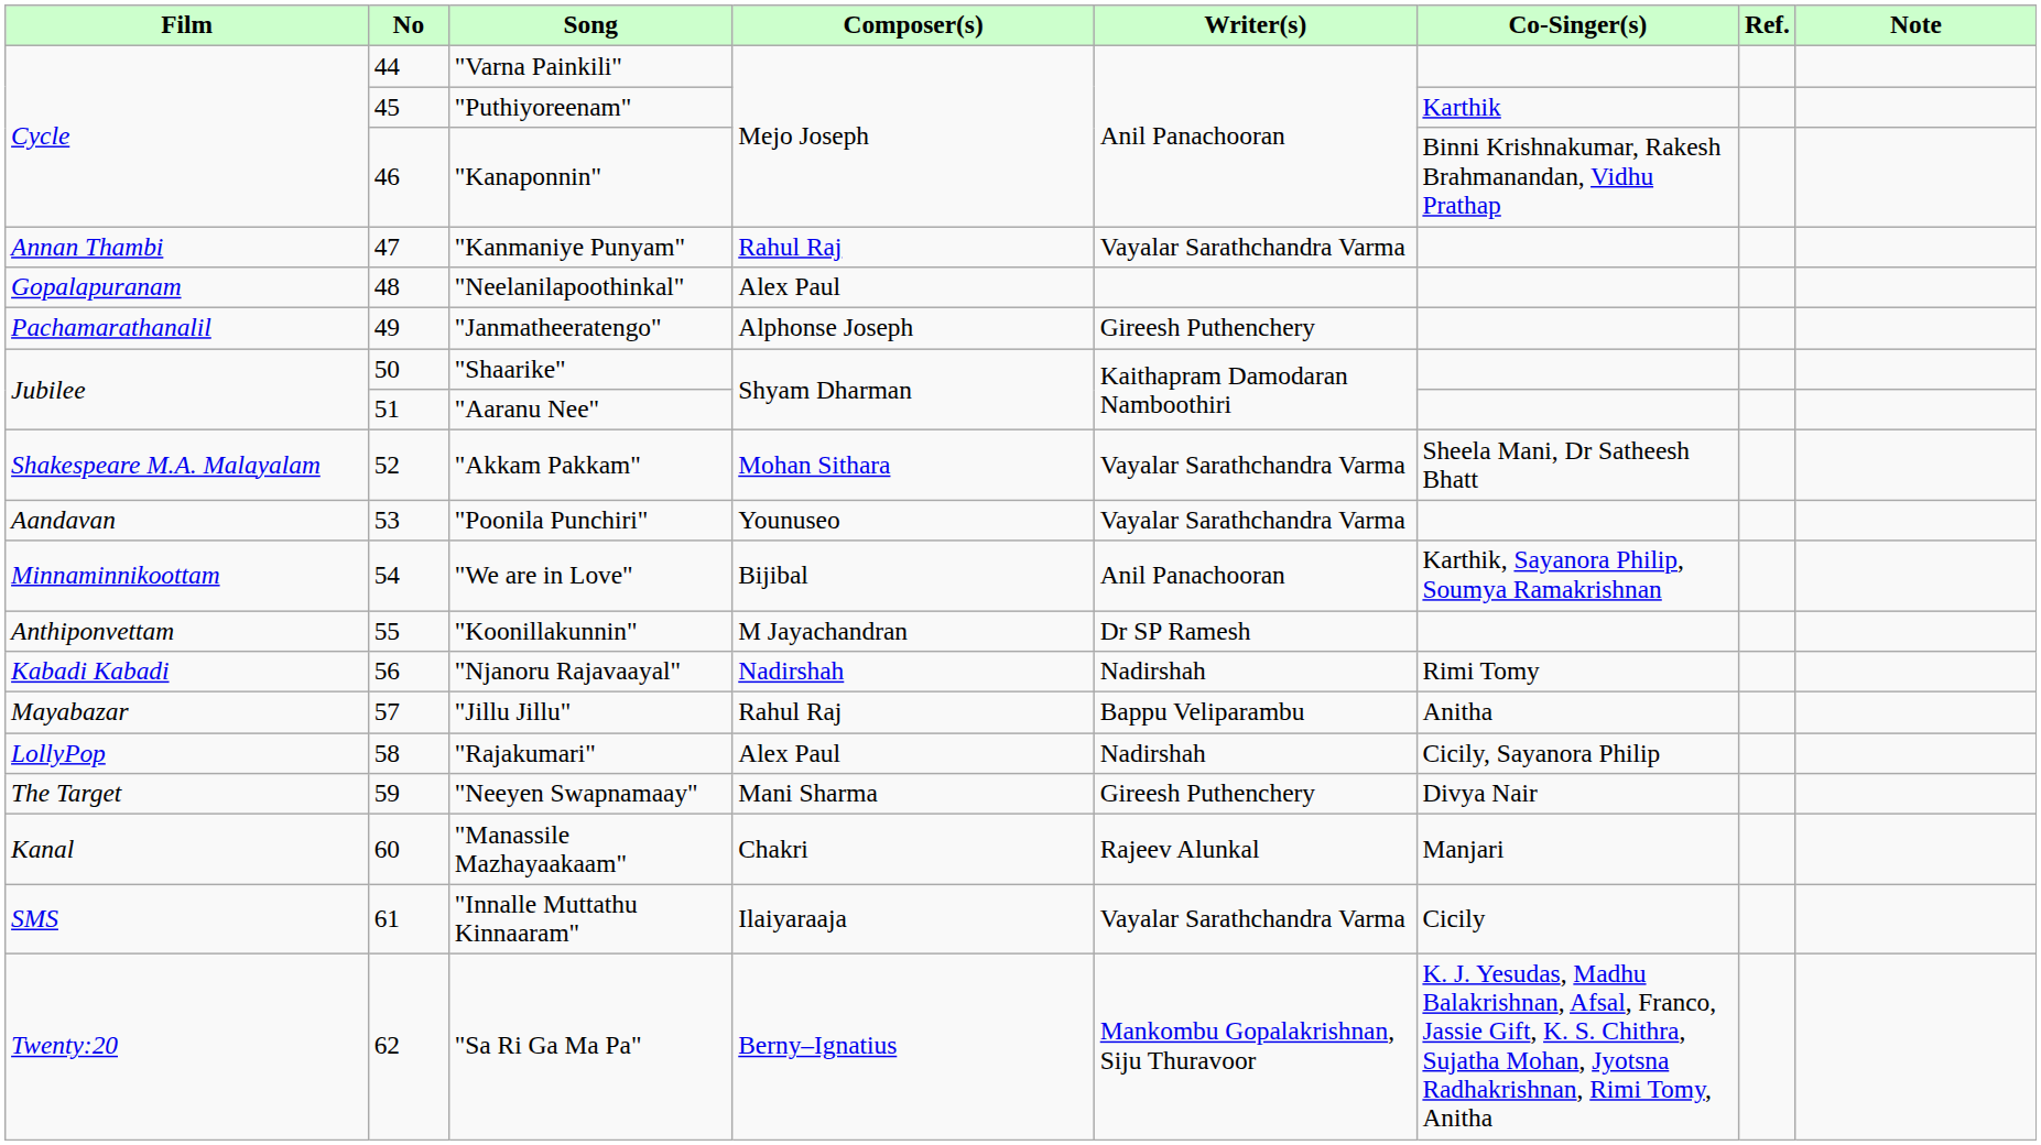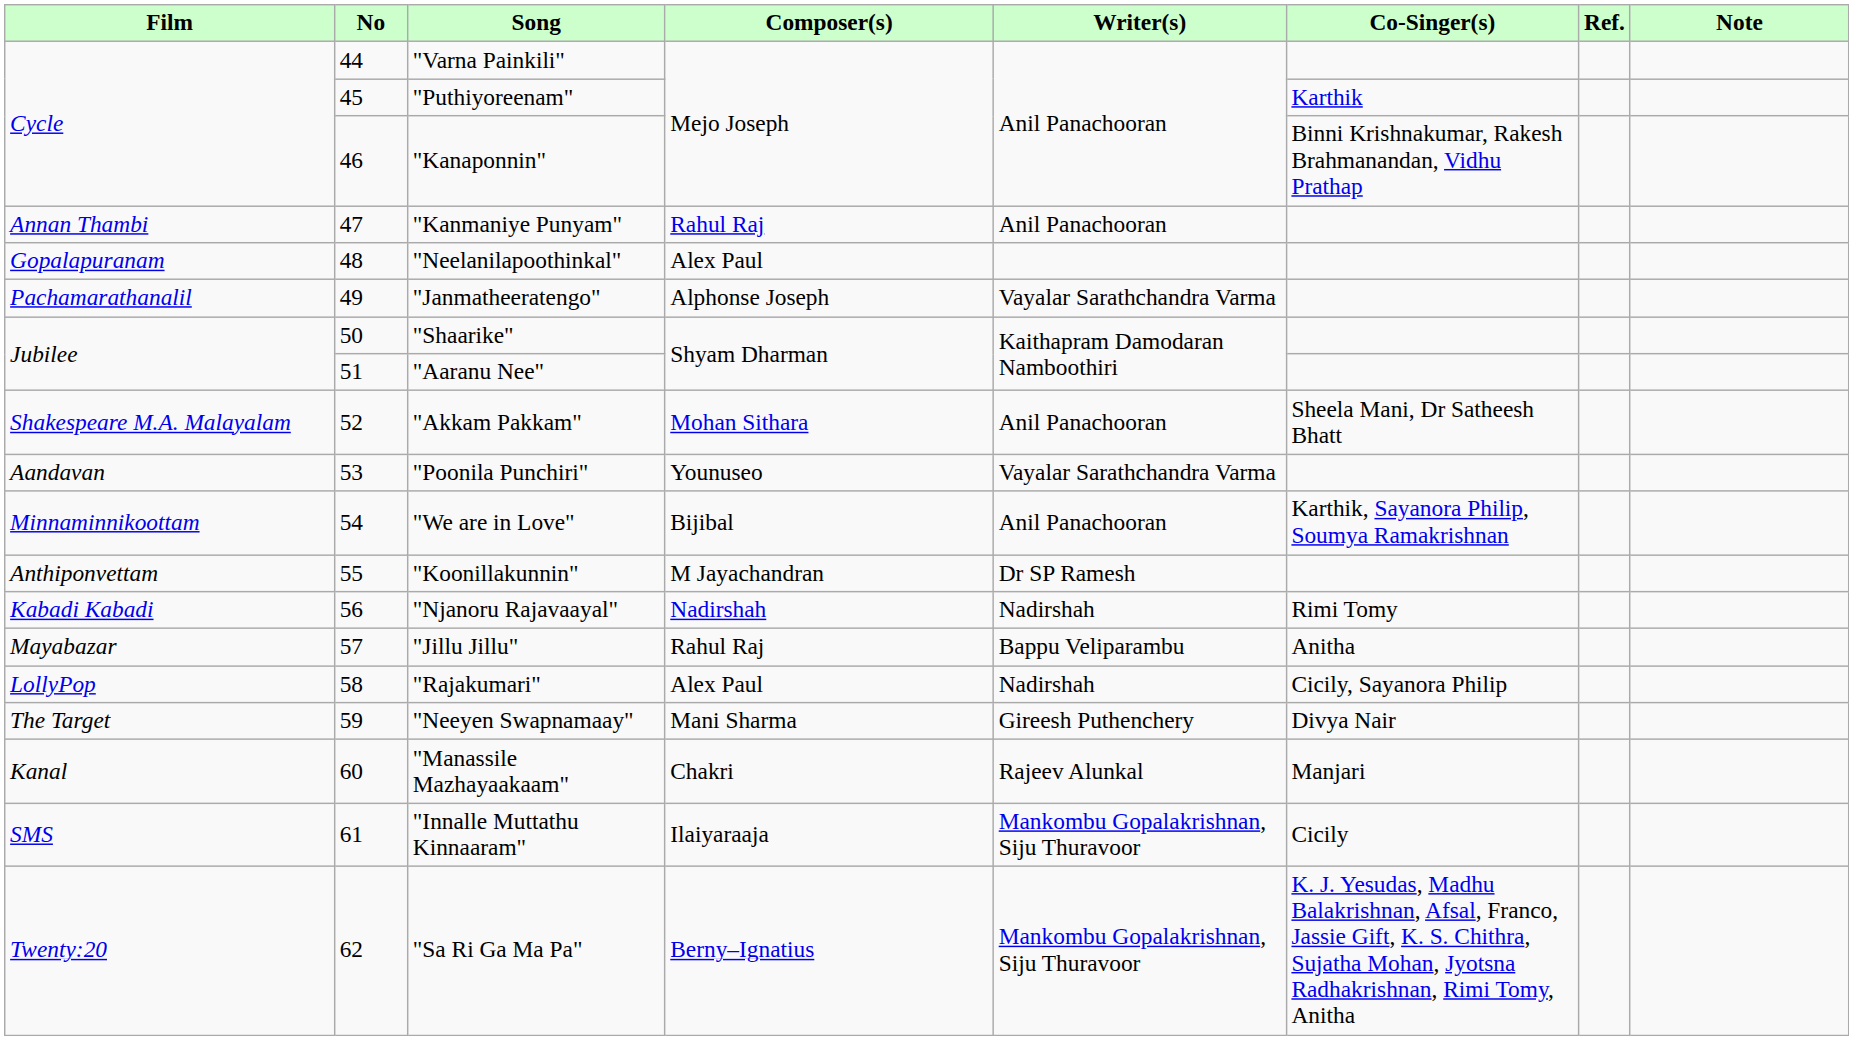 <table class="wikitable plainrowheaders" style="width:100%;" textcolor:#000;" style="align:center;">
 <tr style="background:#cfc; text-align:center;">
 <td scope="col" style="width:18%;"><strong>Film</strong></td>
 <td scope="col" style="width:4%;"><strong>No</strong></td>
 <td scope="col" style="width:14%;"><strong>Song</strong></td>
 <td scope="col" style="width:18%;"><strong>Composer(s)</strong></td>
 <td scope="col" style="width:16%;"><strong>Writer(s)</strong></td>
 <td scope="col" style="width:16%;"><strong>Co-Singer(s)</strong></td>
 <td scope="col" style="width:2%;"><strong>Ref.</strong></td>
 <td scope="col" style="width:12%;"><strong>Note</strong></td>
 </tr>
 <tr>
 <td rowspan="3"><a href='#'><em>Cycle</em></a></td>
 <td>44</td>
 <td>"Varna Painkili"</td>
 <td rowspan="3">Mejo Joseph</td>
 <td rowspan="3">Anil Panachooran</td>
 <td></td>
 <td></td>
 <td></td>
 </tr>
 <tr>
 <td>45</td>
 <td>"Puthiyoreenam"</td>
 <td><a href='#'>Karthik</a></td>
 <td></td>
 <td></td>
 </tr>
 <tr>
 <td>46</td>
 <td>"Kanaponnin"</td>
 <td>Binni Krishnakumar, Rakesh Brahmanandan, <a href='#'>Vidhu Prathap</a></td>
 <td></td>
 <td></td>
 </tr>
 <tr>
 <td><em><a href='#'>Annan Thambi</a></em></td>
 <td>47</td>
 <td>"Kanmaniye Punyam"</td>
 <td><a href='#'>Rahul Raj</a></td>
-<td>Vayalar Sarathchandra Varma</td>
+<td>Anil Panachooran</td>
 <td></td>
 <td></td>
 <td></td>
 </tr>
 <tr>
 <td><em><a href='#'>Gopalapuranam</a></em></td>
 <td>48</td>
 <td>"Neelanilapoothinkal"</td>
 <td>Alex Paul</td>
 <td></td>
 <td></td>
 <td></td>
 <td></td>
 </tr>
 <tr>
 <td><em><a href='#'>Pachamarathanalil</a></em></td>
 <td>49</td>
 <td>"Janmatheeratengo"</td>
 <td>Alphonse Joseph</td>
-<td>Gireesh Puthenchery</td>
+<td>Vayalar Sarathchandra Varma</td>
 <td></td>
 <td></td>
 <td></td>
 </tr>
 <tr>
 <td rowspan="2"><em>Jubilee</em></td>
 <td>50</td>
 <td>"Shaarike"</td>
 <td rowspan="2">Shyam Dharman</td>
 <td rowspan="2">Kaithapram Damodaran Namboothiri</td>
 <td></td>
 <td></td>
 <td></td>
 </tr>
 <tr>
 <td>51</td>
 <td>"Aaranu Nee"</td>
 <td></td>
 <td></td>
 <td></td>
 </tr>
 <tr>
 <td><em><a href='#'>Shakespeare M.A. Malayalam</a></em></td>
 <td>52</td>
 <td>"Akkam Pakkam"</td>
 <td><a href='#'>Mohan Sithara</a></td>
-<td>Vayalar Sarathchandra Varma</td>
+<td>Anil Panachooran</td>
 <td>Sheela Mani, Dr Satheesh Bhatt</td>
 <td></td>
 <td></td>
 </tr>
 <tr>
 <td><em>Aandavan</em></td>
 <td>53</td>
 <td>"Poonila Punchiri"</td>
 <td>Younuseo</td>
 <td>Vayalar Sarathchandra Varma</td>
 <td></td>
 <td></td>
 <td></td>
 </tr>
 <tr>
 <td><em><a href='#'>Minnaminnikoottam</a></em></td>
 <td>54</td>
 <td>"We are in Love"</td>
 <td>Bijibal</td>
 <td>Anil Panachooran</td>
 <td>Karthik, <a href='#'>Sayanora Philip</a>, <a href='#'>Soumya Ramakrishnan</a></td>
 <td></td>
 <td></td>
 </tr>
 <tr>
 <td><em>Anthiponvettam</em></td>
 <td>55</td>
 <td>"Koonillakunnin"</td>
 <td>M Jayachandran</td>
 <td>Dr SP Ramesh</td>
 <td></td>
 <td></td>
 <td></td>
 </tr>
 <tr>
 <td><em><a href='#'>Kabadi Kabadi</a></em></td>
 <td>56</td>
 <td>"Njanoru Rajavaayal"</td>
 <td><a href='#'>Nadirshah</a></td>
 <td>Nadirshah</td>
 <td>Rimi Tomy</td>
 <td></td>
 <td></td>
 </tr>
 <tr>
 <td><em>Mayabazar</em></td>
 <td>57</td>
 <td>"Jillu Jillu"</td>
 <td>Rahul Raj</td>
 <td>Bappu Veliparambu</td>
 <td>Anitha</td>
 <td></td>
 <td></td>
 </tr>
 <tr>
 <td><em><a href='#'>LollyPop</a></em></td>
 <td>58</td>
 <td>"Rajakumari"</td>
 <td>Alex Paul</td>
 <td>Nadirshah</td>
 <td>Cicily, Sayanora Philip</td>
 <td></td>
 <td></td>
 </tr>
 <tr>
 <td><em>The Target</em></td>
 <td>59</td>
 <td>"Neeyen Swapnamaay"</td>
 <td>Mani Sharma</td>
 <td>Gireesh Puthenchery</td>
 <td>Divya Nair</td>
 <td></td>
 <td></td>
 </tr>
 <tr>
 <td><em>Kanal</em></td>
 <td>60</td>
 <td>"Manassile Mazhayaakaam"</td>
 <td>Chakri</td>
 <td>Rajeev Alunkal</td>
 <td>Manjari</td>
 <td></td>
 <td></td>
 </tr>
 <tr>
 <td><em><a href='#'>SMS</a></em></td>
 <td>61</td>
 <td>"Innalle Muttathu Kinnaaram"</td>
 <td>Ilaiyaraaja</td>
-<td>Vayalar Sarathchandra Varma</td>
+<td><a href='#'>Mankombu Gopalakrishnan</a>, Siju Thuravoor</td>
 <td>Cicily</td>
 <td></td>
 <td></td>
 </tr>
 <tr>
 <td><em><a href='#'>Twenty:20</a></em></td>
 <td>62</td>
 <td>"Sa Ri Ga Ma Pa"</td>
 <td><a href='#'>Berny–Ignatius</a></td>
 <td><a href='#'>Mankombu Gopalakrishnan</a>, Siju Thuravoor</td>
 <td><a href='#'>K. J. Yesudas</a>, <a href='#'>Madhu Balakrishnan</a>, <a href='#'>Afsal</a>, Franco, <a href='#'>Jassie Gift</a>, <a href='#'>K. S. Chithra</a>, <a href='#'>Sujatha Mohan</a>, <a href='#'>Jyotsna Radhakrishnan</a>, <a href='#'>Rimi Tomy</a>, Anitha</td>
 <td></td>
 <td></td>
 </tr>
 </table>
